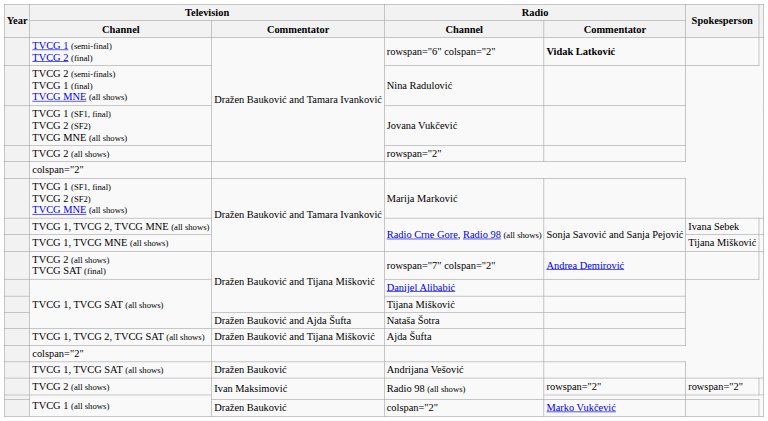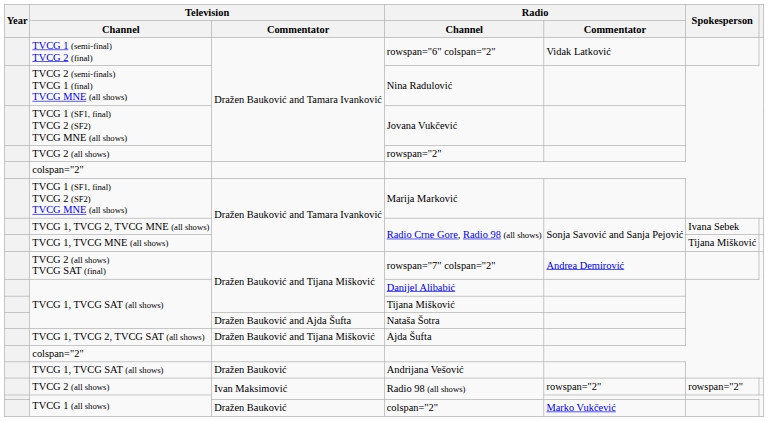 <table class="sortable wikitable plainrowheaders">
 <tr>
 <th scope="col" rowspan="2">Year</th>
 <th scope="colgroup" colspan="2">Television</th>
 <th scope="colgroup" colspan="2">Radio</th>
 <th scope="col" rowspan="2">Spokesperson</th>
 <th scope="col" rowspan="2"></th>
 </tr>
 <tr>
 <th scope="col">Channel</th>
 <th scope="col">Commentator</th>
 <th scope="col">Channel</th>
 <th scope="col">Commentator</th>
 </tr>
 <tr>
 <th scope="row"></th>
 <td><a href='#'>TVCG 1</a> <small>(semi-final)</small><br><a href='#'>TVCG 2</a> <small>(final)</small></td>
 <td rowspan="4">Dražen Bauković and Tamara Ivanković</td>
 <td>rowspan="6" colspan="2" </td>
-<td><strong>Vidak Latković</strong></td>
+<td>Vidak Latković</td>
 <td></td>
 </tr>
 <tr>
 <th scope="row"></th>
 <td>TVCG 2 <small>(semi-finals)</small><br>TVCG 1 <small>(final)</small><br><a href='#'>TVCG MNE</a> <small>(all shows)</small></td>
 <td>Nina Radulović</td>
 <td></td>
 </tr>
 <tr>
 <th scope="row"></th>
 <td>TVCG 1 <small>(SF1, final)</small><br>TVCG 2 <small>(SF2)</small><br>TVCG MNE <small>(all shows)</small></td>
 <td>Jovana Vukčević</td>
 <td></td>
 </tr>
 <tr>
 <th scope="row"></th>
 <td>TVCG 2 <small>(all shows)</small></td>
 <td>rowspan="2" </td>
 <td></td>
 </tr>
 <tr>
 <th scope="row"></th>
 <td>colspan="2" </td>
 <td></td>
 </tr>
 <tr>
 <th scope="row"></th>
 <td>TVCG 1 <small>(SF1, final)</small><br>TVCG 2 <small>(SF2)</small><br><a href='#'>TVCG MNE</a> <small>(all shows)</small></td>
 <td rowspan="3">Dražen Bauković and Tamara Ivanković</td>
 <td>Marija Marković</td>
 <td></td>
 </tr>
 <tr>
 <th scope="row"></th>
 <td>TVCG 1, TVCG 2, TVCG MNE <small>(all shows)</small></td>
 <td rowspan="2"><a href='#'>Radio Crne Gore</a>, <a href='#'>Radio 98</a> <small>(all shows)</small></td>
 <td rowspan="2">Sonja Savović and Sanja Pejović</td>
 <td>Ivana Sebek</td>
 <td></td>
 </tr>
 <tr>
 <th scope="row"></th>
 <td>TVCG 1, TVCG MNE <small>(all shows)</small></td>
 <td>Tijana Mišković</td>
 <td></td>
 </tr>
 <tr>
 <th scope="row"></th>
 <td>TVCG 2 <small>(all shows)</small><br> TVCG SAT <small>(final)</small></td>
 <td rowspan="3">Dražen Bauković and Tijana Mišković</td>
 <td>rowspan="7" colspan="2" </td>
 <td><a href='#'>Andrea Demirović</a></td>
 <td></td>
 </tr>
 <tr>
 <th scope="row"></th>
 <td rowspan="3">TVCG 1, TVCG SAT <small>(all shows)</small></td>
 <td><a href='#'>Danijel Alibabić</a></td>
 <td></td>
 </tr>
 <tr>
 <th scope="row"></th>
 <td>Tijana Mišković</td>
 <td></td>
 </tr>
 <tr>
 <th scope="row"></th>
 <td>Dražen Bauković and Ajda Šufta</td>
 <td>Nataša Šotra</td>
 <td></td>
 </tr>
 <tr>
 <th scope="row"></th>
 <td>TVCG 1, TVCG 2, TVCG SAT <small>(all shows)</small></td>
 <td>Dražen Bauković and Tijana Mišković</td>
 <td>Ajda Šufta</td>
 <td></td>
 </tr>
 <tr>
 <th scope="row"></th>
 <td>colspan="2" </td>
 <td></td>
 <td></td>
 </tr>
 <tr>
 <th scope="row"></th>
 <td>TVCG 1, TVCG SAT <small>(all shows)</small></td>
 <td>Dražen Bauković</td>
 <td>Andrijana Vešović</td>
 <td></td>
 </tr>
 <tr>
 <th scope="row"></th>
 <td>TVCG 2 <small>(all shows)</small></td>
 <td rowspan="2">Ivan Maksimović</td>
 <td rowspan="2">Radio 98 <small>(all shows)</small></td>
 <td>rowspan="2" </td>
 <td>rowspan="2" </td>
 <td></td>
 </tr>
 <tr>
 <th scope="row"></th>
 <td rowspan="2">TVCG 1 <small>(all shows)</small></td>
 <td></td>
 </tr>
 <tr>
 <th scope="row"></th>
 <td>Dražen Bauković</td>
 <td>colspan="2" </td>
 <td><a href='#'>Marko Vukčević</a></td>
 <td></td>
 </tr>
 </table>
